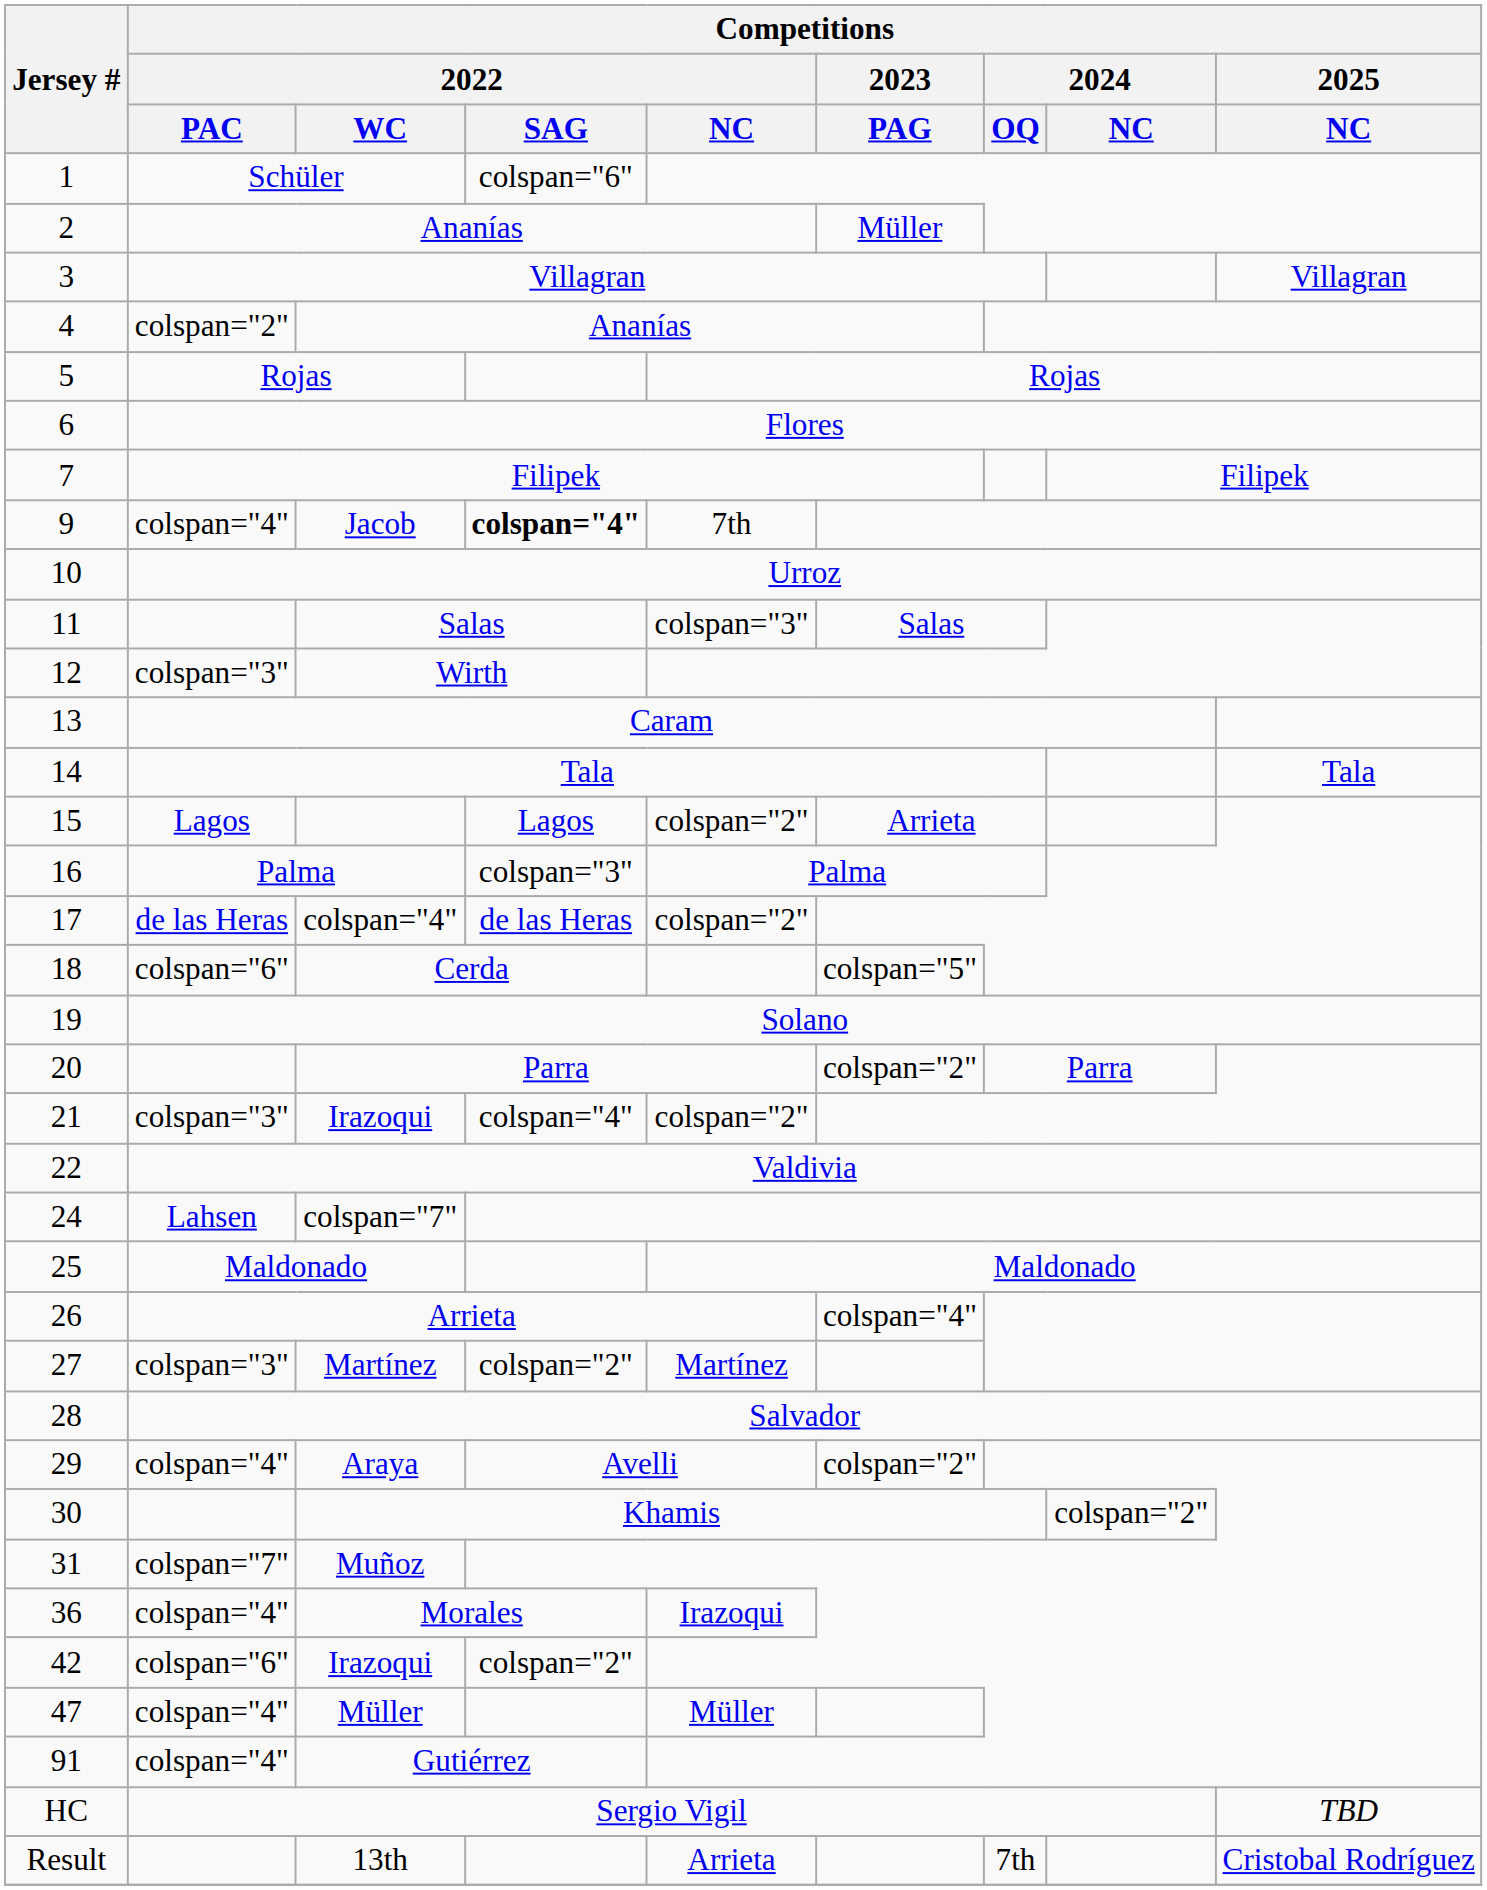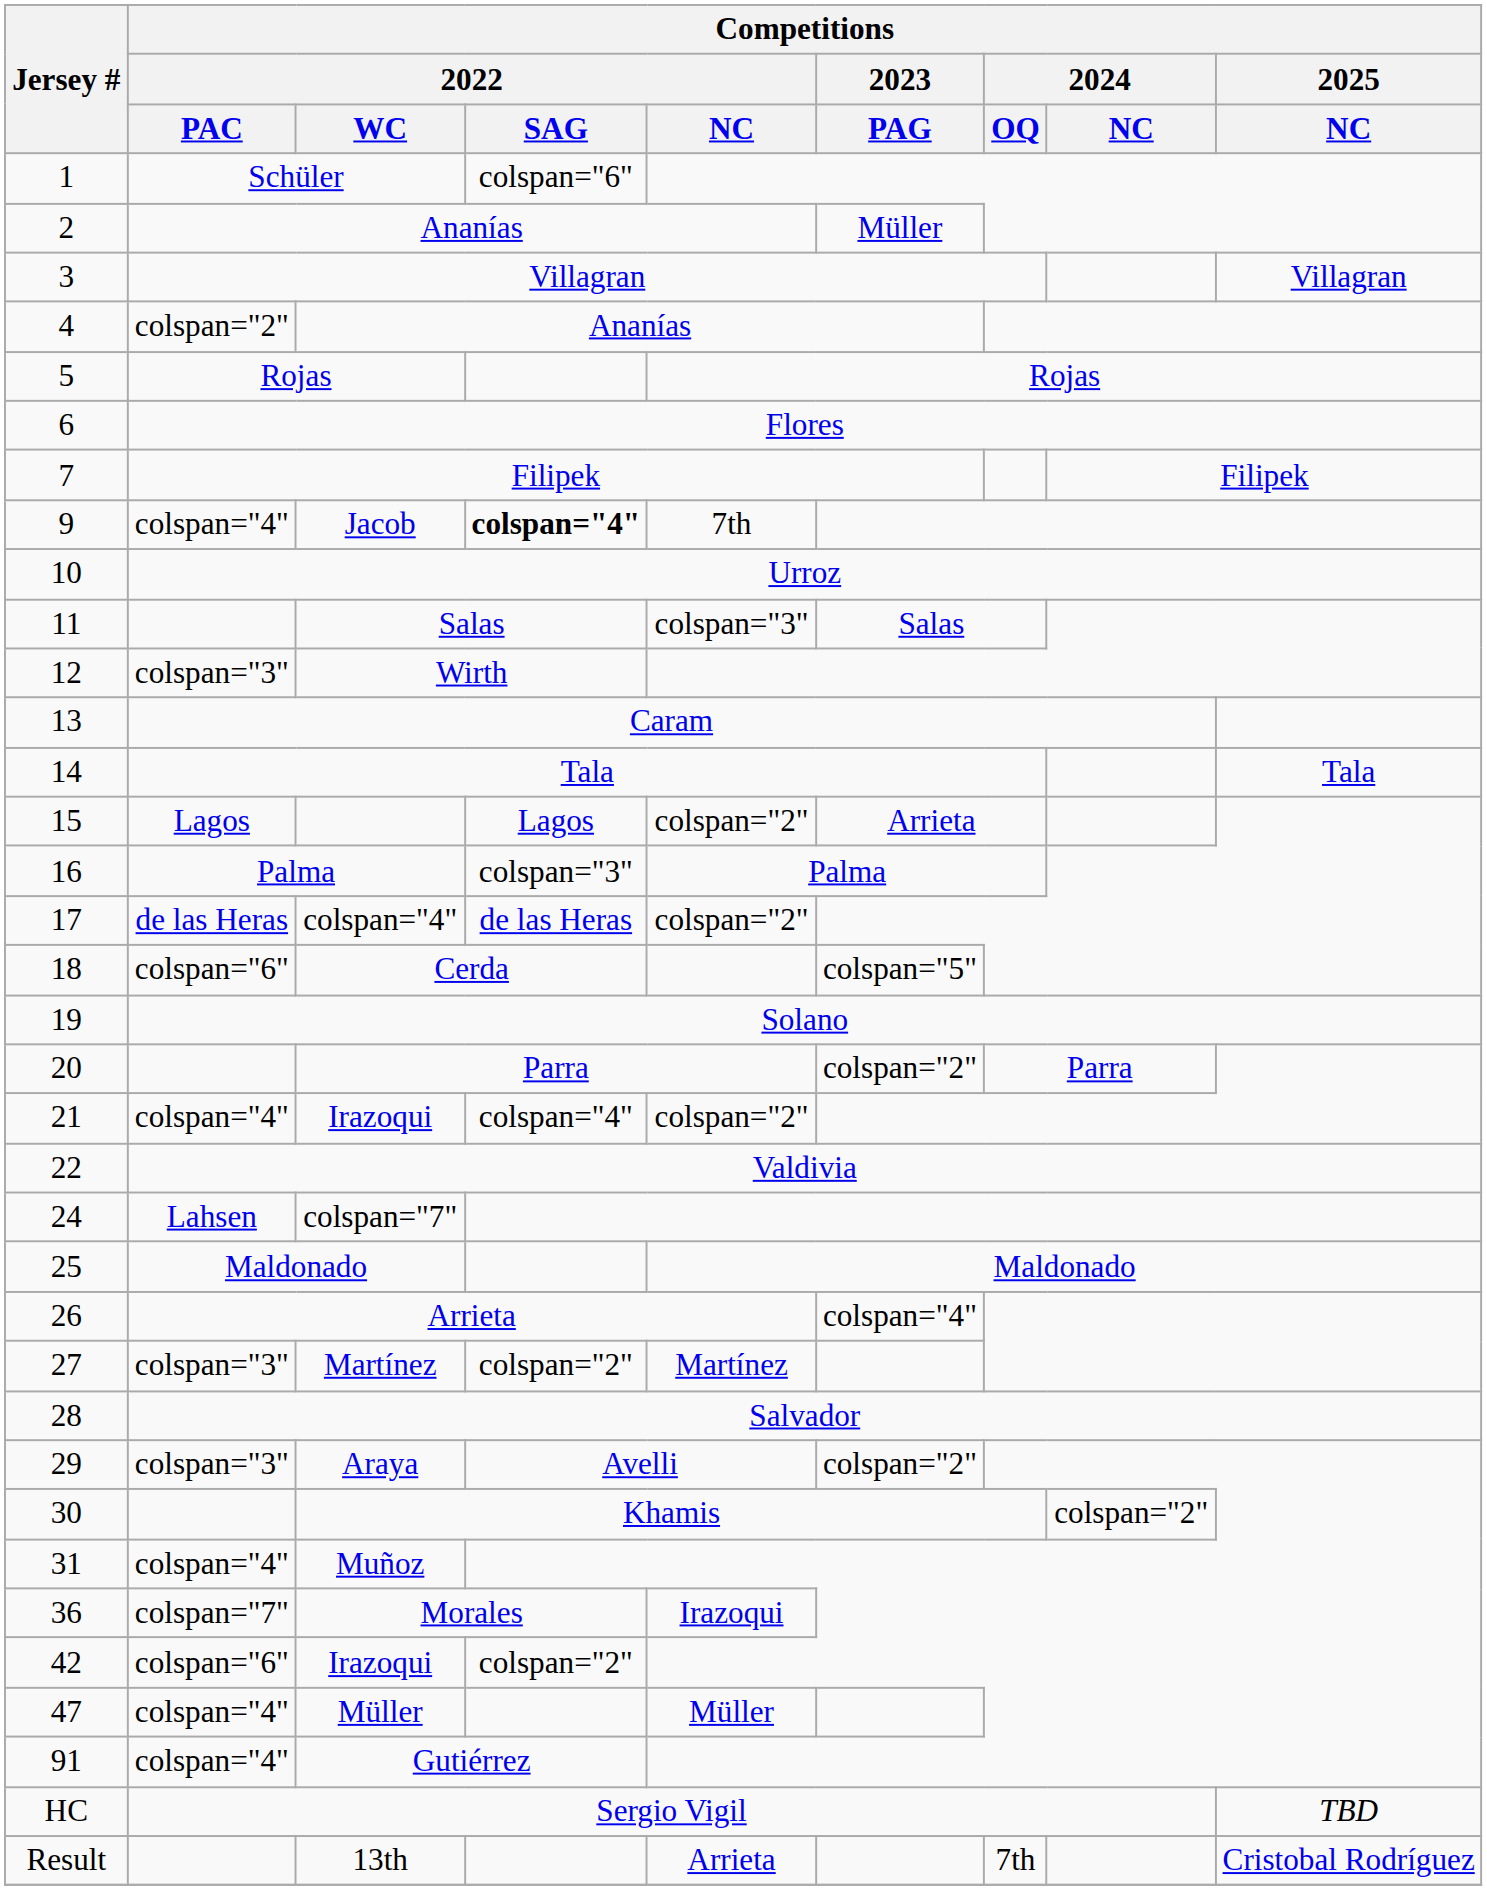 <table class="wikitable" style="text-align:center">
 <tr>
 <th rowspan="3">Jersey #</th>
 <th colspan="8">Competitions</th>
 </tr>
 <tr>
 <th colspan="4">2022</th>
 <th>2023</th>
 <th colspan="2">2024</th>
 <th>2025</th>
 </tr>
 <tr>
 <th><a href='#'>PAC</a></th>
 <th><a href='#'>WC</a></th>
 <th><a href='#'>SAG</a></th>
 <th><a href='#'>NC</a></th>
 <th><a href='#'>PAG</a></th>
 <th><a href='#'>OQ</a></th>
 <th><a href='#'>NC</a></th>
 <th><a href='#'>NC</a></th>
 </tr>
 <tr>
 <td>1</td>
 <td colspan="2"><a href='#'>Schüler</a></td>
 <td>colspan="6"</td>
 </tr>
 <tr>
 <td>2</td>
 <td colspan="4"><a href='#'>Ananías</a></td>
 <td><a href='#'>Müller</a></td>
 </tr>
 <tr>
 <td>3</td>
 <td colspan="6"><a href='#'>Villagran</a></td>
 <td></td>
 <td><a href='#'>Villagran</a></td>
 </tr>
 <tr>
 <td>4</td>
 <td>colspan="2"</td>
 <td colspan="4"><a href='#'>Ananías</a></td>
 </tr>
 <tr>
 <td>5</td>
 <td colspan="2"><a href='#'>Rojas</a></td>
 <td></td>
 <td colspan="5"><a href='#'>Rojas</a></td>
 </tr>
 <tr>
 <td>6</td>
 <td colspan="8"><a href='#'>Flores</a></td>
 </tr>
 <tr>
 <td>7</td>
 <td colspan="5"><a href='#'>Filipek</a></td>
 <td></td>
 <td colspan="2"><a href='#'>Filipek</a></td>
 </tr>
 <tr>
 <td>9</td>
 <td>colspan="4"</td>
 <td><a href='#'>Jacob</a></td>
 <td><strong>colspan="4"</strong></td>
 <td>7th</td>
 </tr>
 <tr>
 <td>10</td>
 <td colspan="8"><a href='#'>Urroz</a></td>
 </tr>
 <tr>
 <td>11</td>
 <td></td>
 <td colspan="2"><a href='#'>Salas</a></td>
 <td>colspan="3"</td>
 <td colspan="2"><a href='#'>Salas</a></td>
 </tr>
 <tr>
 <td>12</td>
 <td>colspan="3"</td>
 <td colspan="2"><a href='#'>Wirth</a></td>
 </tr>
 <tr>
 <td>13</td>
 <td colspan="7"><a href='#'>Caram</a></td>
 <td></td>
 </tr>
 <tr>
 <td>14</td>
 <td colspan="6"><a href='#'>Tala</a></td>
 <td></td>
 <td><a href='#'>Tala</a></td>
 </tr>
 <tr>
 <td>15</td>
 <td><a href='#'>Lagos</a></td>
 <td></td>
 <td><a href='#'>Lagos</a></td>
 <td>colspan="2"</td>
 <td colspan="2"><a href='#'>Arrieta</a></td>
 <td></td>
 </tr>
 <tr>
 <td>16</td>
 <td colspan="2"><a href='#'>Palma</a></td>
 <td>colspan="3"</td>
 <td colspan="3"><a href='#'>Palma</a></td>
 </tr>
 <tr>
 <td>17</td>
 <td><a href='#'>de las Heras</a></td>
 <td>colspan="4"</td>
 <td><a href='#'>de las Heras</a></td>
 <td>colspan="2"</td>
 </tr>
 <tr>
 <td>18</td>
 <td>colspan="6"</td>
 <td colspan="2"><a href='#'>Cerda</a></td>
 <td></td>
 <td>colspan="5"</td>
 </tr>
 <tr>
 <td>19</td>
 <td colspan="8"><a href='#'>Solano</a></td>
 </tr>
 <tr>
 <td>20</td>
 <td></td>
 <td colspan="3"><a href='#'>Parra</a></td>
 <td>colspan="2"</td>
 <td colspan="2"><a href='#'>Parra</a></td>
 </tr>
 <tr>
 <td>21</td>
-<td>colspan="3"</td>
+<td>colspan="4"</td>
 <td><a href='#'>Irazoqui</a></td>
 <td>colspan="4"</td>
 <td>colspan="2"</td>
 </tr>
 <tr>
 <td>22</td>
 <td colspan="8"><a href='#'>Valdivia</a></td>
 </tr>
 <tr>
 <td>24</td>
 <td><a href='#'>Lahsen</a></td>
 <td>colspan="7"</td>
 </tr>
 <tr>
 <td>25</td>
 <td colspan="2"><a href='#'>Maldonado</a></td>
 <td></td>
 <td colspan="5"><a href='#'>Maldonado</a></td>
 </tr>
 <tr>
 <td>26</td>
 <td colspan="4"><a href='#'>Arrieta</a></td>
 <td>colspan="4"</td>
 </tr>
 <tr>
 <td>27</td>
 <td>colspan="3"</td>
 <td><a href='#'>Martínez</a></td>
 <td>colspan="2"</td>
 <td><a href='#'>Martínez</a></td>
 <td></td>
 </tr>
 <tr>
 <td>28</td>
 <td colspan="8"><a href='#'>Salvador</a></td>
 </tr>
 <tr>
 <td>29</td>
-<td>colspan="4"</td>
+<td>colspan="3"</td>
 <td><a href='#'>Araya</a></td>
 <td colspan="2"><a href='#'>Avelli</a></td>
 <td>colspan="2"</td>
 </tr>
 <tr>
 <td>30</td>
 <td></td>
 <td colspan="5"><a href='#'>Khamis</a></td>
 <td>colspan="2"</td>
 </tr>
 <tr>
 <td>31</td>
-<td>colspan="7"</td>
+<td>colspan="4"</td>
 <td><a href='#'>Muñoz</a></td>
 </tr>
 <tr>
 <td>36</td>
-<td>colspan="4"</td>
+<td>colspan="7"</td>
 <td colspan="2"><a href='#'>Morales</a></td>
 <td><a href='#'>Irazoqui</a></td>
 </tr>
 <tr>
 <td>42</td>
 <td>colspan="6"</td>
 <td><a href='#'>Irazoqui</a></td>
 <td>colspan="2"</td>
 </tr>
 <tr>
 <td>47</td>
 <td>colspan="4"</td>
 <td><a href='#'>Müller</a></td>
 <td></td>
 <td><a href='#'>Müller</a></td>
 <td></td>
 </tr>
 <tr>
 <td>91</td>
 <td>colspan="4"</td>
 <td colspan="2"><a href='#'>Gutiérrez</a></td>
 </tr>
 <tr>
 <td>HC</td>
 <td colspan="7"><a href='#'>Sergio Vigil</a></td>
 <td><em>TBD</em></td>
 </tr>
 <tr>
 <td>Result</td>
 <td></td>
 <td>13th</td>
 <td></td>
 <td><a href='#'>Arrieta</a></td>
 <td></td>
 <td>7th</td>
 <td></td>
 <td><a href='#'>Cristobal Rodríguez</a></td>
 </tr>
 <tr>
 </tr>
 </table>
